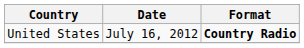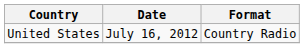 <table class="wikitable plainrowheaders">
 <tr>
 <th scope="col">Country</th>
 <th scope="col">Date</th>
 <th scope="col">Format</th>
 </tr>
 <tr>
 <td>United States</td>
 <td>July 16, 2012</td>
-<td><strong>Country Radio</strong></td>
+<td>Country Radio</td>
 </tr>
 <tr>
 </tr>
 </table>
